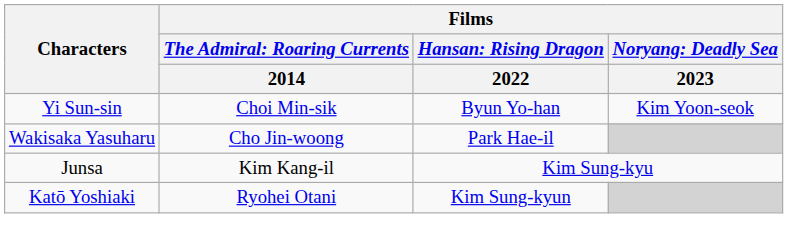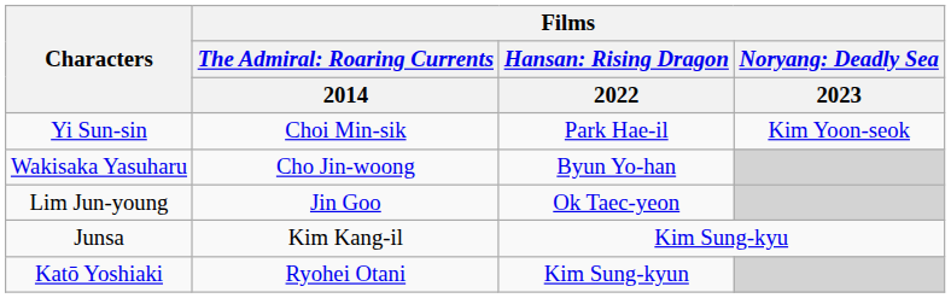 <table class="wikitable" style="text-align:center;">
 <tr>
 <th rowspan="3">Characters</th>
 <th colspan="3" style="text-align:center;">Films</th>
 </tr>
 <tr>
 <th><em><a href='#'>The Admiral: Roaring Currents</a></em></th>
 <th><em><a href='#'>Hansan: Rising Dragon</a></em></th>
 <th><em><a href='#'>Noryang: Deadly Sea</a></em></th>
 </tr>
 <tr>
 <th>2014</th>
 <th>2022</th>
 <th>2023</th>
 </tr>
 <tr>
 <td><a href='#'>Yi Sun-sin</a></td>
 <td><a href='#'>Choi Min-sik</a></td>
-<td><a href='#'>Byun Yo-han</a></td>
+<td><a href='#'>Park Hae-il</a></td>
 <td><a href='#'>Kim Yoon-seok</a></td>
 </tr>
 <tr>
 <td><a href='#'>Wakisaka Yasuharu</a></td>
 <td><a href='#'>Cho Jin-woong</a></td>
-<td><a href='#'>Park Hae-il</a></td>
+<td><a href='#'>Byun Yo-han</a></td>
+<td style="background-color:#D3D3D3;"></td>
+</tr>
+<tr>
+<td>Lim Jun-young</td>
+<td><a href='#'>Jin Goo</a></td>
+<td><a href='#'>Ok Taec-yeon</a></td>
 <td style="background-color:#D3D3D3;"></td>
 </tr>
 <tr>
 <td>Junsa</td>
 <td>Kim Kang-il</td>
 <td colspan="2"><a href='#'>Kim Sung-kyu</a></td>
 </tr>
 <tr>
 <td><a href='#'>Katō Yoshiaki</a></td>
 <td><a href='#'>Ryohei Otani</a></td>
 <td><a href='#'>Kim Sung-kyun</a></td>
 <td style="background-color:#D3D3D3;"></td>
 </tr>
 </table>
